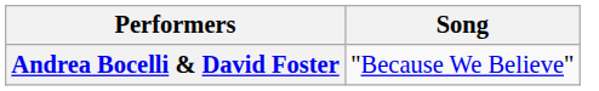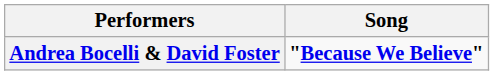 <table class="wikitable unsortable" style="text-align:center;">
 <tr>
 <th scope="col">Performers</th>
 <th scope="col">Song</th>
 </tr>
 <tr>
 <th scope="row"><a href='#'>Andrea Bocelli</a> & <a href='#'>David Foster</a></th>
-<td>"<a href='#'>Because We Believe</a>"</td>
+<td><strong>"<a href='#'>Because We Believe</a>"</strong></td>
 </tr>
 </table>
